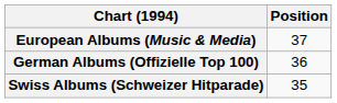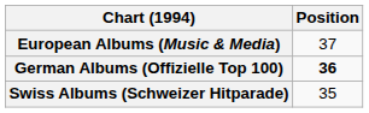 <table class="wikitable sortable plainrowheaders" style="text-align:center">
 <tr>
 <th scope="col">Chart (1994)</th>
 <th scope="col">Position</th>
 </tr>
 <tr>
 <th scope="row">European Albums (<em>Music & Media</em>)</th>
 <td>37</td>
 </tr>
 <tr>
 <th scope="row">German Albums (Offizielle Top 100)</th>
-<td>36</td>
+<td><strong>36</strong></td>
 </tr>
 <tr>
 <th scope="row">Swiss Albums (Schweizer Hitparade)</th>
 <td>35</td>
 </tr>
 </table>
